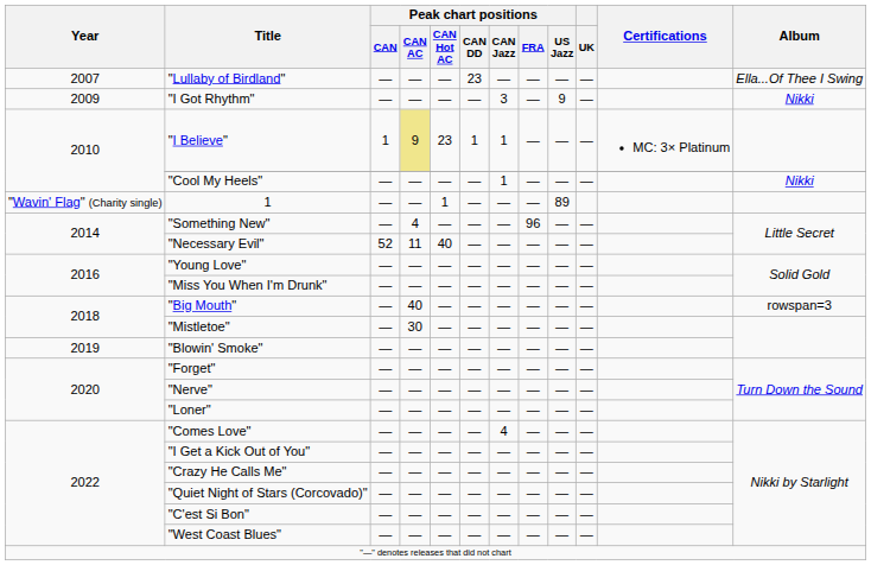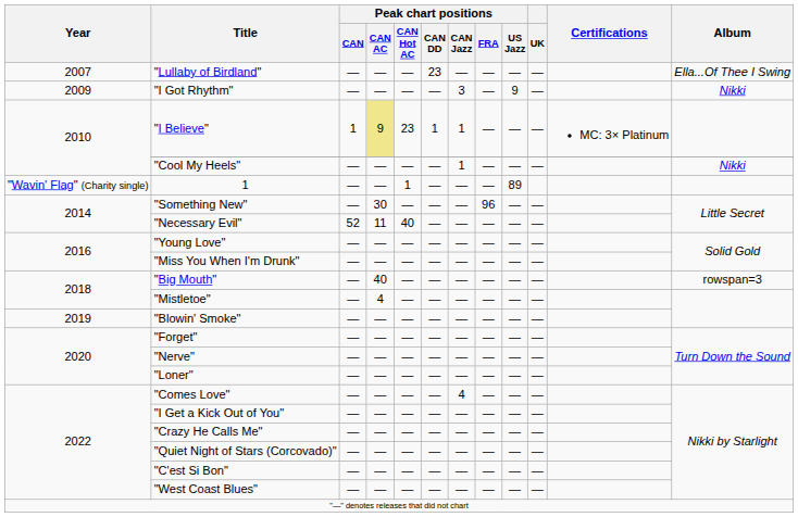 <table class="wikitable" style="text-align:center;">
 <tr>
 <th rowspan="2">Year</th>
 <th rowspan="2">Title</th>
 <th colspan="7">Peak chart positions</th>
 <th></th>
 <th rowspan="2"><a href='#'>Certifications</a></th>
 <th rowspan="2">Album</th>
 </tr>
 <tr style="font-size:smaller;">
 <th style="width:30px;"><a href='#'>CAN</a><br></th>
 <th style="width:30px;"><a href='#'>CAN AC</a><br></th>
 <th style="width:30px;"><a href='#'>CAN Hot AC</a><br></th>
 <th style="width:30px;">CAN DD<br></th>
 <th>CAN<br>Jazz<br></th>
 <th style="width:30px;"><a href='#'>FRA</a><br></th>
 <th>US<br>Jazz<br></th>
 <th>UK<br></th>
 </tr>
 <tr>
 <td>2007</td>
 <td style="text-align:left;">"<a href='#'>Lullaby of Birdland</a>"</td>
 <td>—</td>
 <td>—</td>
 <td>—</td>
 <td>23</td>
 <td>—</td>
 <td>—</td>
 <td>—</td>
 <td>—</td>
 <td></td>
 <td><em>Ella...Of Thee I Swing</em></td>
 </tr>
 <tr>
 <td>2009</td>
 <td style="text-align:left;">"I Got Rhythm"</td>
 <td>—</td>
 <td>—</td>
 <td>—</td>
 <td>—</td>
 <td>3</td>
 <td>—</td>
 <td>9</td>
 <td>—</td>
 <td></td>
 <td><em><a href='#'>Nikki</a></em></td>
 </tr>
 <tr>
 <td rowspan="3">2010</td>
 <td style="text-align:left;">"<a href='#'>I Believe</a>"</td>
 <td>1</td>
 <td style="background: khaki;">9</td>
 <td>23</td>
 <td>1</td>
 <td>1</td>
 <td>—</td>
 <td>—</td>
 <td>—</td>
 <td><br><ul><li>MC: 3× Platinum</li></ul></td>
 <td></td>
 </tr>
 <tr>
 </tr>
 <tr>
 <td style="text-align:left;">"Cool My Heels"</td>
 <td>—</td>
 <td>—</td>
 <td>—</td>
 <td>—</td>
 <td>1</td>
 <td>—</td>
 <td>—</td>
 <td>—</td>
 <td></td>
 <td><em><a href='#'>Nikki</a></em></td>
 </tr>
 <tr>
 <td style="text-align:left;">"<a href='#'>Wavin' Flag</a>" <small>(Charity single)</small></td>
 <td>1</td>
 <td>—</td>
 <td>—</td>
 <td>1</td>
 <td>—</td>
 <td>—</td>
 <td>—</td>
 <td>89</td>
 <td></td>
 <td></td>
 </tr>
 <tr>
 <td rowspan="2">2014</td>
 <td style="text-align:left;">"Something New"</td>
 <td>—</td>
-<td>4</td>
+<td>30</td>
 <td>—</td>
 <td>—</td>
 <td>—</td>
 <td>96</td>
 <td>—</td>
 <td>—</td>
 <td></td>
 <td rowspan="2"><em>Little Secret</em></td>
 </tr>
 <tr>
 <td style="text-align:left;">"Necessary Evil"</td>
 <td>52</td>
 <td>11</td>
 <td>40</td>
 <td>—</td>
 <td>—</td>
 <td>—</td>
 <td>—</td>
 <td>—</td>
 <td></td>
 </tr>
 <tr>
 <td rowspan="2">2016</td>
 <td style="text-align:left;">"Young Love"</td>
 <td>—</td>
 <td>—</td>
 <td>—</td>
 <td>—</td>
 <td>—</td>
 <td>—</td>
 <td>—</td>
 <td>—</td>
 <td></td>
 <td rowspan="2"><em>Solid Gold</em></td>
 </tr>
 <tr>
 <td style="text-align:left;">"Miss You When I'm Drunk"</td>
 <td>—</td>
 <td>—</td>
 <td>—</td>
 <td>—</td>
 <td>—</td>
 <td>—</td>
 <td>—</td>
 <td>—</td>
 <td></td>
 </tr>
 <tr>
 <td rowspan="2">2018</td>
 <td style="text-align:left;">"<a href='#'>Big Mouth</a>"</td>
 <td>—</td>
 <td>40</td>
 <td>—</td>
 <td>—</td>
 <td>—</td>
 <td>—</td>
 <td>—</td>
 <td>—</td>
 <td></td>
 <td>rowspan=3 </td>
 </tr>
 <tr>
 <td style="text-align:left;">"Mistletoe"</td>
 <td>—</td>
-<td>30</td>
+<td>4</td>
 <td>—</td>
 <td>—</td>
 <td>—</td>
 <td>—</td>
 <td>—</td>
 <td>—</td>
 <td></td>
 </tr>
 <tr>
 <td>2019</td>
 <td style="text-align:left;">"Blowin' Smoke"</td>
 <td>—</td>
 <td>—</td>
 <td>—</td>
 <td>—</td>
 <td>—</td>
 <td>—</td>
 <td>—</td>
 <td>—</td>
 <td></td>
 </tr>
 <tr>
 <td rowspan="3">2020</td>
 <td style="text-align:left;">"Forget"</td>
 <td>—</td>
 <td>—</td>
 <td>—</td>
 <td>—</td>
 <td>—</td>
 <td>—</td>
 <td>—</td>
 <td>—</td>
 <td></td>
 <td rowspan="3"><em><a href='#'>Turn Down the Sound</a></em></td>
 </tr>
 <tr>
 <td style="text-align:left;">"Nerve"</td>
 <td>—</td>
 <td>—</td>
 <td>—</td>
 <td>—</td>
 <td>—</td>
 <td>—</td>
 <td>—</td>
 <td>—</td>
 <td></td>
 </tr>
 <tr>
 <td style="text-align:left;">"Loner"</td>
 <td>—</td>
 <td>—</td>
 <td>—</td>
 <td>—</td>
 <td>—</td>
 <td>—</td>
 <td>—</td>
 <td>—</td>
 <td></td>
 </tr>
 <tr>
 <td rowspan=6>2022</td>
 <td style="text-align:left;">"Comes Love"</td>
 <td>—</td>
 <td>—</td>
 <td>—</td>
 <td>—</td>
 <td>4</td>
 <td>—</td>
 <td>—</td>
 <td>—</td>
 <td></td>
 <td rowspan=6><em>Nikki by Starlight</em></td>
 </tr>
 <tr>
 <td style="text-align:left;">"I Get a Kick Out of You"</td>
 <td>—</td>
 <td>—</td>
 <td>—</td>
 <td>—</td>
 <td>—</td>
 <td>—</td>
 <td>—</td>
 <td>—</td>
 <td></td>
 </tr>
 <tr>
 <td style="text-align:left;">"Crazy He Calls Me"<br> </td>
 <td>—</td>
 <td>—</td>
 <td>—</td>
 <td>—</td>
 <td>—</td>
 <td>—</td>
 <td>—</td>
 <td>—</td>
 <td></td>
 </tr>
 <tr>
 <td style="text-align:left;">"Quiet Night of Stars (Corcovado)"<br> </td>
 <td>—</td>
 <td>—</td>
 <td>—</td>
 <td>—</td>
 <td>—</td>
 <td>—</td>
 <td>—</td>
 <td>—</td>
 <td></td>
 </tr>
 <tr>
 <td style="text-align:left;">"C'est Si Bon"</td>
 <td>—</td>
 <td>—</td>
 <td>—</td>
 <td>—</td>
 <td>—</td>
 <td>—</td>
 <td>—</td>
 <td>—</td>
 <td></td>
 </tr>
 <tr>
 <td style="text-align:left;">"West Coast Blues"<br> </td>
 <td>—</td>
 <td>—</td>
 <td>—</td>
 <td>—</td>
 <td>—</td>
 <td>—</td>
 <td>—</td>
 <td>—</td>
 <td></td>
 </tr>
 <tr>
 <td colspan="18" style="font-size:8pt">"—" denotes releases that did not chart</td>
 </tr>
 </table>
